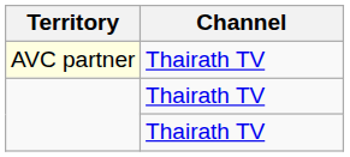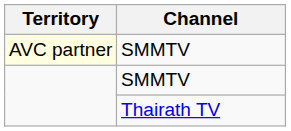 <table class="wikitable">
 <tr>
 <th style="width: 40%;">Territory</th>
 <th style="width: 60%;">Channel</th>
 </tr>
 <tr>
 <td style="background: lightyellow;">AVC partner</td>
-<td><a href='#'>Thairath TV</a></td>
+<td>SMMTV</td>
 </tr>
 <tr>
 <td rowspan=2></td>
-<td><a href='#'>Thairath TV</a></td>
+<td>SMMTV</td>
 </tr>
 <tr>
 <td><a href='#'>Thairath TV</a></td>
 </tr>
 </table>
